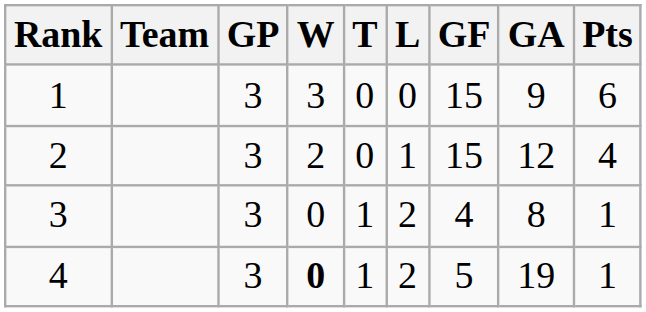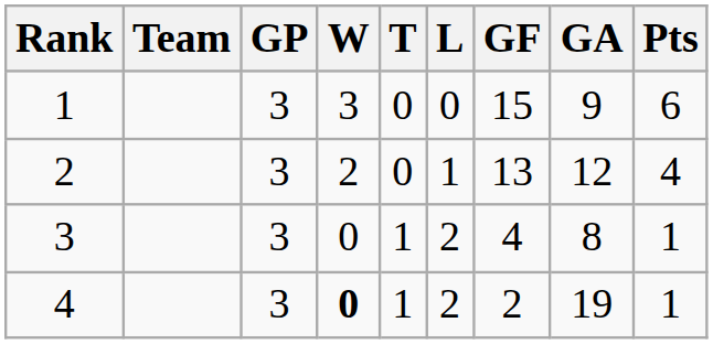 <table class="wikitable" style="text-align:center">
 <tr>
 <th>Rank</th>
 <th>Team</th>
 <th>GP</th>
 <th>W</th>
 <th>T</th>
 <th>L</th>
 <th>GF</th>
 <th>GA</th>
 <th>Pts</th>
 </tr>
 <tr>
 <td>1</td>
 <td align="left"></td>
 <td>3</td>
 <td>3</td>
 <td>0</td>
 <td>0</td>
 <td>15</td>
 <td>9</td>
 <td>6</td>
 </tr>
 <tr>
 <td>2</td>
 <td align="left"></td>
 <td>3</td>
 <td>2</td>
 <td>0</td>
 <td>1</td>
-<td>15</td>
+<td>13</td>
 <td>12</td>
 <td>4</td>
 </tr>
 <tr>
 <td>3</td>
 <td align="left"></td>
 <td>3</td>
 <td>0</td>
 <td>1</td>
 <td>2</td>
 <td>4</td>
 <td>8</td>
 <td>1</td>
 </tr>
 <tr>
 <td>4</td>
 <td align="left"></td>
 <td>3</td>
 <td><strong>0</strong></td>
 <td>1</td>
 <td>2</td>
-<td>5</td>
+<td>2</td>
 <td>19</td>
 <td>1</td>
 </tr>
 </table>
